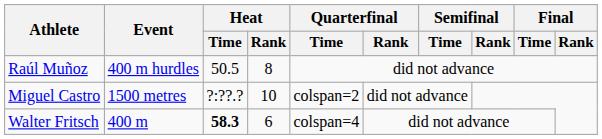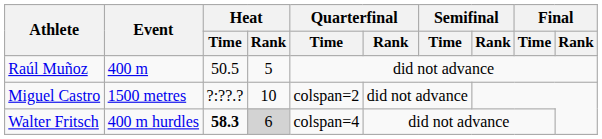 <table class="wikitable" style="font-size:90%;">
 <tr>
 <th rowspan="2">Athlete</th>
 <th rowspan="2">Event</th>
 <th colspan="2">Heat</th>
 <th colspan="2">Quarterfinal</th>
 <th colspan="2">Semifinal</th>
 <th colspan="2">Final</th>
 </tr>
 <tr style="font-size:95%">
 <th>Time</th>
 <th>Rank</th>
 <th>Time</th>
 <th>Rank</th>
 <th>Time</th>
 <th>Rank</th>
 <th>Time</th>
 <th>Rank</th>
 </tr>
 <tr align=center>
 <td align=left><a href='#'>Raúl Muñoz</a></td>
-<td align=left><a href='#'>400 m hurdles</a></td>
+<td align=left><a href='#'>400 m</a></td>
 <td>50.5</td>
-<td>8</td>
+<td>5</td>
 <td colspan=6>did not advance</td>
 </tr>
 <tr align=center>
 <td align=left><a href='#'>Miguel Castro</a></td>
 <td align=left><a href='#'>1500 metres</a></td>
 <td>?:??.?</td>
 <td>10</td>
 <td>colspan=2 </td>
 <td colspan=2>did not advance</td>
 </tr>
 <tr align=center>
 <td align=left><a href='#'>Walter Fritsch</a></td>
-<td align=left><a href='#'>400 m</a></td>
+<td align=left><a href='#'>400 m hurdles</a></td>
 <td><strong>58.3</strong></td>
-<td>6</td>
+<td style="background: lightgrey;">6</td>
 <td>colspan=4 </td>
 <td colspan=4>did not advance</td>
 </tr>
 </table>
